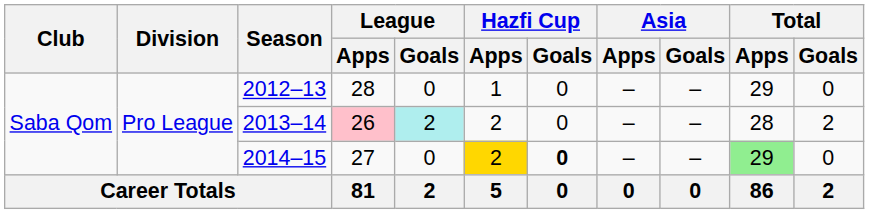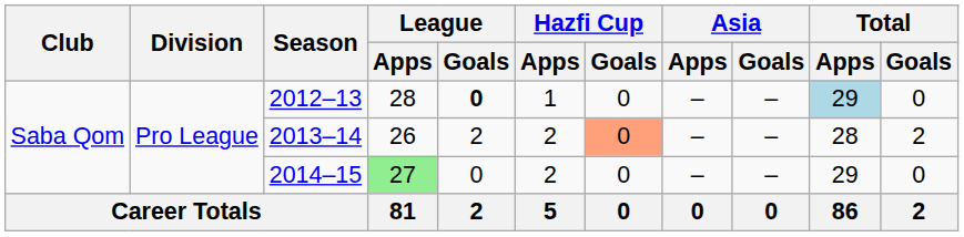 <table class="wikitable" style="text-align: center;">
 <tr>
 <th rowspan="2">Club</th>
 <th rowspan="2">Division</th>
 <th rowspan="2">Season</th>
 <th colspan="2">League</th>
 <th colspan="2"><a href='#'>Hazfi Cup</a></th>
 <th colspan="2"><a href='#'>Asia</a></th>
 <th colspan="2">Total</th>
 </tr>
 <tr>
 <th>Apps</th>
 <th>Goals</th>
 <th>Apps</th>
 <th>Goals</th>
 <th>Apps</th>
 <th>Goals</th>
 <th>Apps</th>
 <th>Goals</th>
 </tr>
 <tr>
 <td rowspan="3"><a href='#'>Saba Qom</a></td>
 <td rowspan="3"><a href='#'>Pro League</a></td>
 <td><a href='#'>2012–13</a></td>
 <td>28</td>
-<td>0</td>
+<td><strong>0</strong></td>
 <td>1</td>
 <td>0</td>
 <td>–</td>
 <td>–</td>
-<td>29</td>
+<td style="background: lightblue;">29</td>
 <td>0</td>
 </tr>
 <tr>
 <td><a href='#'>2013–14</a></td>
-<td style="background: pink;">26</td>
-<td style="background: paleturquoise;">2</td>
+<td>26</td>
 <td>2</td>
-<td>0</td>
+<td>2</td>
+<td style="background: lightsalmon;">0</td>
 <td>–</td>
 <td>–</td>
 <td>28</td>
 <td>2</td>
 </tr>
 <tr>
 <td><a href='#'>2014–15</a></td>
-<td>27</td>
+<td style="background: lightgreen;">27</td>
 <td>0</td>
-<td style="background: gold;">2</td>
-<td><strong>0</strong></td>
+<td>2</td>
+<td>0</td>
 <td>–</td>
 <td>–</td>
-<td style="background: lightgreen;">29</td>
+<td>29</td>
 <td>0</td>
 </tr>
 <tr>
 <th colspan=3>Career Totals</th>
 <th>81</th>
 <th>2</th>
 <th>5</th>
 <th>0</th>
 <th>0</th>
 <th>0</th>
 <th>86</th>
 <th>2</th>
 </tr>
 </table>
